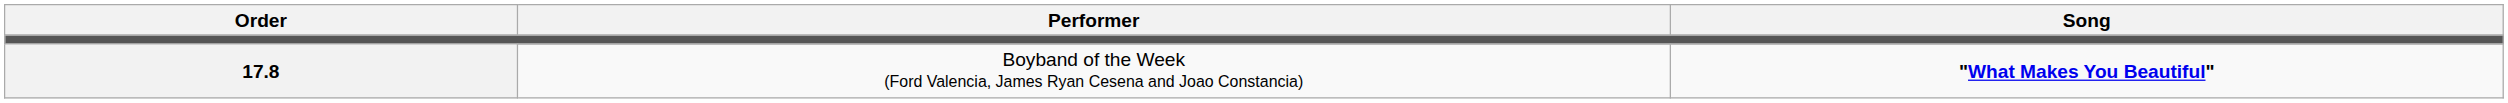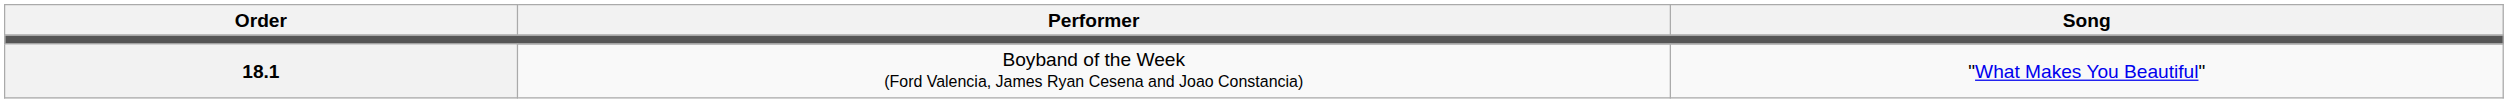 <table class="wikitable" style="text-align:center; line-height:17px; width:100%; font-size: 95%;">
 <tr>
 <th style="width:08%;">Order</th>
 <th style="width:18%;">Performer</th>
 <th style="width:13%;">Song</th>
 </tr>
 <tr>
 <td colspan="3" style="background:#555;"></td>
 </tr>
 <tr>
-<th>17.8</th>
+<th>18.1</th>
 <td>Boyband of the Week <br> <small>(Ford Valencia, James Ryan Cesena and Joao Constancia)</small></td>
-<td><strong>"<a href='#'>What Makes You Beautiful</a>"</strong></td>
+<td>"<a href='#'>What Makes You Beautiful</a>"</td>
 </tr>
 </table>
